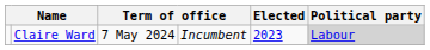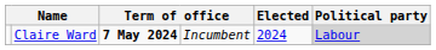 <table class="wikitable">
 <tr>
 <th colspan="2">Name</th>
 <th colspan="2">Term of office</th>
 <th>Elected</th>
 <th>Political party</th>
 </tr>
 <tr>
 <td style="background-color: "></td>
 <td><a href='#'>Claire Ward</a></td>
-<td>7 May 2024</td>
+<td><strong>7 May 2024</strong></td>
 <td><em>Incumbent</em></td>
-<td><a href='#'>2023</a></td>
+<td><a href='#'>2024</a></td>
 <td style="background: lightgrey;"><a href='#'>Labour</a></td>
 </tr>
 </table>
